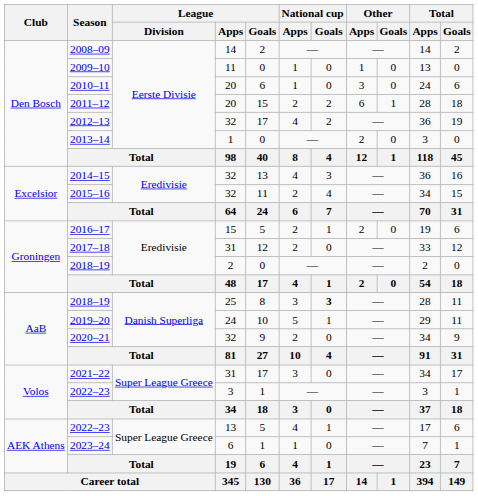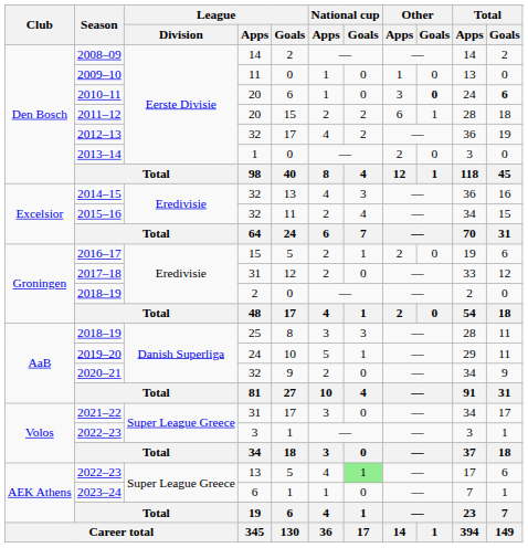 <table class="wikitable" style="text-align:center">
 <tr>
 <th rowspan="2">Club</th>
 <th rowspan="2">Season</th>
 <th colspan="3">League</th>
 <th colspan="2">National cup</th>
 <th colspan="2">Other</th>
 <th colspan="2">Total</th>
 </tr>
 <tr>
 <th>Division</th>
 <th>Apps</th>
 <th>Goals</th>
 <th>Apps</th>
 <th>Goals</th>
 <th>Apps</th>
 <th>Goals</th>
 <th>Apps</th>
 <th>Goals</th>
 </tr>
 <tr>
 <td rowspan="7"><a href='#'>Den Bosch</a></td>
 <td><a href='#'>2008–09</a></td>
 <td rowspan="6"><a href='#'>Eerste Divisie</a></td>
 <td>14</td>
 <td>2</td>
 <td colspan="2">—</td>
 <td colspan="2">—</td>
 <td>14</td>
 <td>2</td>
 </tr>
 <tr>
 <td><a href='#'>2009–10</a></td>
 <td>11</td>
 <td>0</td>
 <td>1</td>
 <td>0</td>
 <td>1</td>
 <td>0</td>
 <td>13</td>
 <td>0</td>
 </tr>
 <tr>
 <td><a href='#'>2010–11</a></td>
 <td>20</td>
 <td>6</td>
 <td>1</td>
 <td>0</td>
 <td>3</td>
-<td>0</td>
+<td><strong>0</strong></td>
 <td>24</td>
-<td>6</td>
+<td><strong>6</strong></td>
 </tr>
 <tr>
 <td><a href='#'>2011–12</a></td>
 <td>20</td>
 <td>15</td>
 <td>2</td>
 <td>2</td>
 <td>6</td>
 <td>1</td>
 <td>28</td>
 <td>18</td>
 </tr>
 <tr>
 <td><a href='#'>2012–13</a></td>
 <td>32</td>
 <td>17</td>
 <td>4</td>
 <td>2</td>
 <td colspan="2">—</td>
 <td>36</td>
 <td>19</td>
 </tr>
 <tr>
 <td><a href='#'>2013–14</a></td>
 <td>1</td>
 <td>0</td>
 <td colspan="2">—</td>
 <td>2</td>
 <td>0</td>
 <td>3</td>
 <td>0</td>
 </tr>
 <tr>
 <th colspan="2">Total</th>
 <th>98</th>
 <th>40</th>
 <th>8</th>
 <th>4</th>
 <th>12</th>
 <th>1</th>
 <th>118</th>
 <th>45</th>
 </tr>
 <tr>
 <td rowspan="3"><a href='#'>Excelsior</a></td>
 <td><a href='#'>2014–15</a></td>
 <td rowspan="2"><a href='#'>Eredivisie</a></td>
 <td>32</td>
 <td>13</td>
 <td>4</td>
 <td>3</td>
 <td colspan="2">—</td>
 <td>36</td>
 <td>16</td>
 </tr>
 <tr>
 <td><a href='#'>2015–16</a></td>
 <td>32</td>
 <td>11</td>
 <td>2</td>
 <td>4</td>
 <td colspan="2">—</td>
 <td>34</td>
 <td>15</td>
 </tr>
 <tr>
 <th colspan="2">Total</th>
 <th>64</th>
 <th>24</th>
 <th>6</th>
 <th>7</th>
 <th colspan="2">—</th>
 <th>70</th>
 <th>31</th>
 </tr>
 <tr>
 <td rowspan="4"><a href='#'>Groningen</a></td>
 <td><a href='#'>2016–17</a></td>
 <td rowspan="3">Eredivisie</td>
 <td>15</td>
 <td>5</td>
 <td>2</td>
 <td>1</td>
 <td>2</td>
 <td>0</td>
 <td>19</td>
 <td>6</td>
 </tr>
 <tr>
 <td><a href='#'>2017–18</a></td>
 <td>31</td>
 <td>12</td>
 <td>2</td>
 <td>0</td>
 <td colspan="2">—</td>
 <td>33</td>
 <td>12</td>
 </tr>
 <tr>
 <td><a href='#'>2018–19</a></td>
 <td>2</td>
 <td>0</td>
 <td colspan="2">—</td>
 <td colspan="2">—</td>
 <td>2</td>
 <td>0</td>
 </tr>
 <tr>
 <th colspan="2">Total</th>
 <th>48</th>
 <th>17</th>
 <th>4</th>
 <th>1</th>
 <th>2</th>
 <th>0</th>
 <th>54</th>
 <th>18</th>
 </tr>
 <tr>
 <td rowspan="4"><a href='#'>AaB</a></td>
 <td><a href='#'>2018–19</a></td>
 <td rowspan="3"><a href='#'>Danish Superliga</a></td>
 <td>25</td>
 <td>8</td>
 <td>3</td>
-<td><strong>3</strong></td>
+<td>3</td>
 <td colspan="2">—</td>
 <td>28</td>
 <td>11</td>
 </tr>
 <tr>
 <td><a href='#'>2019–20</a></td>
 <td>24</td>
 <td>10</td>
 <td>5</td>
 <td>1</td>
 <td colspan="2">—</td>
 <td>29</td>
 <td>11</td>
 </tr>
 <tr>
 <td><a href='#'>2020–21</a></td>
 <td>32</td>
 <td>9</td>
 <td>2</td>
 <td>0</td>
 <td colspan="2">—</td>
 <td>34</td>
 <td>9</td>
 </tr>
 <tr>
 <th colspan="2">Total</th>
 <th>81</th>
 <th>27</th>
 <th>10</th>
 <th>4</th>
 <th colspan="2">—</th>
 <th>91</th>
 <th>31</th>
 </tr>
 <tr>
 <td rowspan="3"><a href='#'>Volos</a></td>
 <td><a href='#'>2021–22</a></td>
 <td rowspan="2"><a href='#'>Super League Greece</a></td>
 <td>31</td>
 <td>17</td>
 <td>3</td>
 <td>0</td>
 <td colspan="2">—</td>
 <td>34</td>
 <td>17</td>
 </tr>
 <tr>
 <td><a href='#'>2022–23</a></td>
 <td>3</td>
 <td>1</td>
 <td colspan="2">—</td>
 <td colspan="2">—</td>
 <td>3</td>
 <td>1</td>
 </tr>
 <tr>
 <th colspan="2">Total</th>
 <th>34</th>
 <th>18</th>
 <th>3</th>
 <th>0</th>
 <th colspan="2">—</th>
 <th>37</th>
 <th>18</th>
 </tr>
 <tr>
 <td rowspan="3"><a href='#'>AEK Athens</a></td>
 <td><a href='#'>2022–23</a></td>
 <td rowspan="2">Super League Greece</td>
 <td>13</td>
 <td>5</td>
 <td>4</td>
-<td>1</td>
+<td style="background: lightgreen;">1</td>
 <td colspan="2">—</td>
 <td>17</td>
 <td>6</td>
 </tr>
 <tr>
 <td><a href='#'>2023–24</a></td>
 <td>6</td>
 <td>1</td>
 <td>1</td>
 <td>0</td>
 <td colspan="2">—</td>
 <td>7</td>
 <td>1</td>
 </tr>
 <tr>
 <th colspan="2">Total</th>
 <th>19</th>
 <th>6</th>
 <th>4</th>
 <th>1</th>
 <th colspan="2">—</th>
 <th>23</th>
 <th>7</th>
 </tr>
 <tr>
 <th colspan="3">Career total</th>
 <th>345</th>
 <th>130</th>
 <th>36</th>
 <th>17</th>
 <th>14</th>
 <th>1</th>
 <th>394</th>
 <th>149</th>
 </tr>
 </table>
